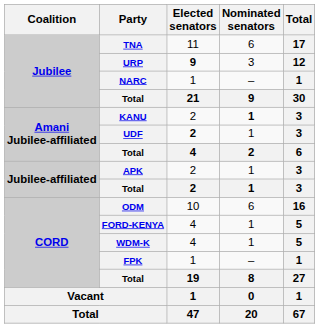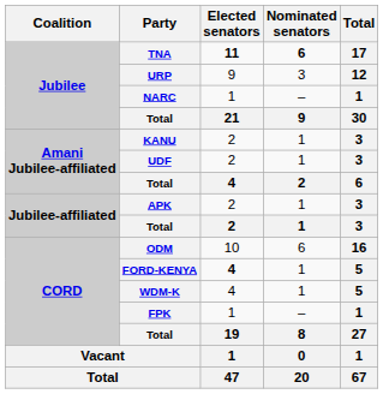 <table class="wikitable" style=text-align:center>
 <tr>
 <th>Coalition</th>
 <th>Party</th>
 <th>Elected<br>senators</th>
 <th>Nominated<br>senators</th>
 <th>Total</th>
 </tr>
 <tr>
 <th rowspan=4 style="background:#cccccc"><a href='#'>Jubilee</a></th>
 <th><small><a href='#'>TNA</a></small></th>
-<td>11</td>
-<td>6</td>
+<td><strong>11</strong></td>
+<td><strong>6</strong></td>
 <th>17</th>
 </tr>
 <tr>
 <th><small><a href='#'>URP</a></small></th>
-<td><strong>9</strong></td>
+<td>9</td>
 <td>3</td>
 <th>12</th>
 </tr>
 <tr>
 <th><small><a href='#'>NARC</a></small></th>
 <td>1</td>
 <td>–</td>
 <th>1</th>
 </tr>
 <tr>
 <th><small>Total</small></th>
 <th>21</th>
 <th>9</th>
 <th>30</th>
 </tr>
 <tr>
 <th rowspan=3 style="background:#cccccc"><a href='#'>Amani</a><div>Jubilee-affiliated</div></th>
 <th><small><a href='#'>KANU</a></small></th>
 <td>2</td>
-<td><strong>1</strong></td>
+<td>1</td>
 <th>3</th>
 </tr>
 <tr>
 <th><small><a href='#'>UDF</a></small></th>
-<td><strong>2</strong></td>
+<td>2</td>
 <td>1</td>
 <th>3</th>
 </tr>
 <tr>
 <th><small>Total</small></th>
 <th>4</th>
 <th>2</th>
 <th>6</th>
 </tr>
 <tr>
 <th rowspan=2 style="background:#cccccc">Jubilee-affiliated</th>
 <th><small><a href='#'>APK</a></small></th>
 <td>2</td>
 <td>1</td>
 <th>3</th>
 </tr>
 <tr>
 <th><small>Total</small></th>
 <th>2</th>
 <th>1</th>
 <th>3</th>
 </tr>
 <tr>
 <th rowspan=5 style="background:#cccccc"><a href='#'>CORD</a></th>
 <th><small><a href='#'>ODM</a></small></th>
 <td>10</td>
 <td>6</td>
 <th>16</th>
 </tr>
 <tr>
 <th><small><a href='#'>FORD-KENYA</a></small></th>
-<td>4</td>
+<td><strong>4</strong></td>
 <td>1</td>
 <th>5</th>
 </tr>
 <tr>
 <th><small><a href='#'>WDM-K</a></small></th>
 <td>4</td>
 <td>1</td>
 <th>5</th>
 </tr>
 <tr>
 <th><small><a href='#'>FPK</a></small></th>
 <td>1</td>
 <td>–</td>
 <th>1</th>
 </tr>
 <tr>
 <th><small>Total</small></th>
 <th>19</th>
 <th>8</th>
 <th>27</th>
 </tr>
 <tr>
 <th colspan=2 style=text-align:center>Vacant</th>
 <th>1</th>
 <th>0</th>
 <th>1</th>
 </tr>
 <tr>
 <th colspan=2 style=text-align:center>Total</th>
 <th>47</th>
 <th>20</th>
 <th>67</th>
 </tr>
 </table>
